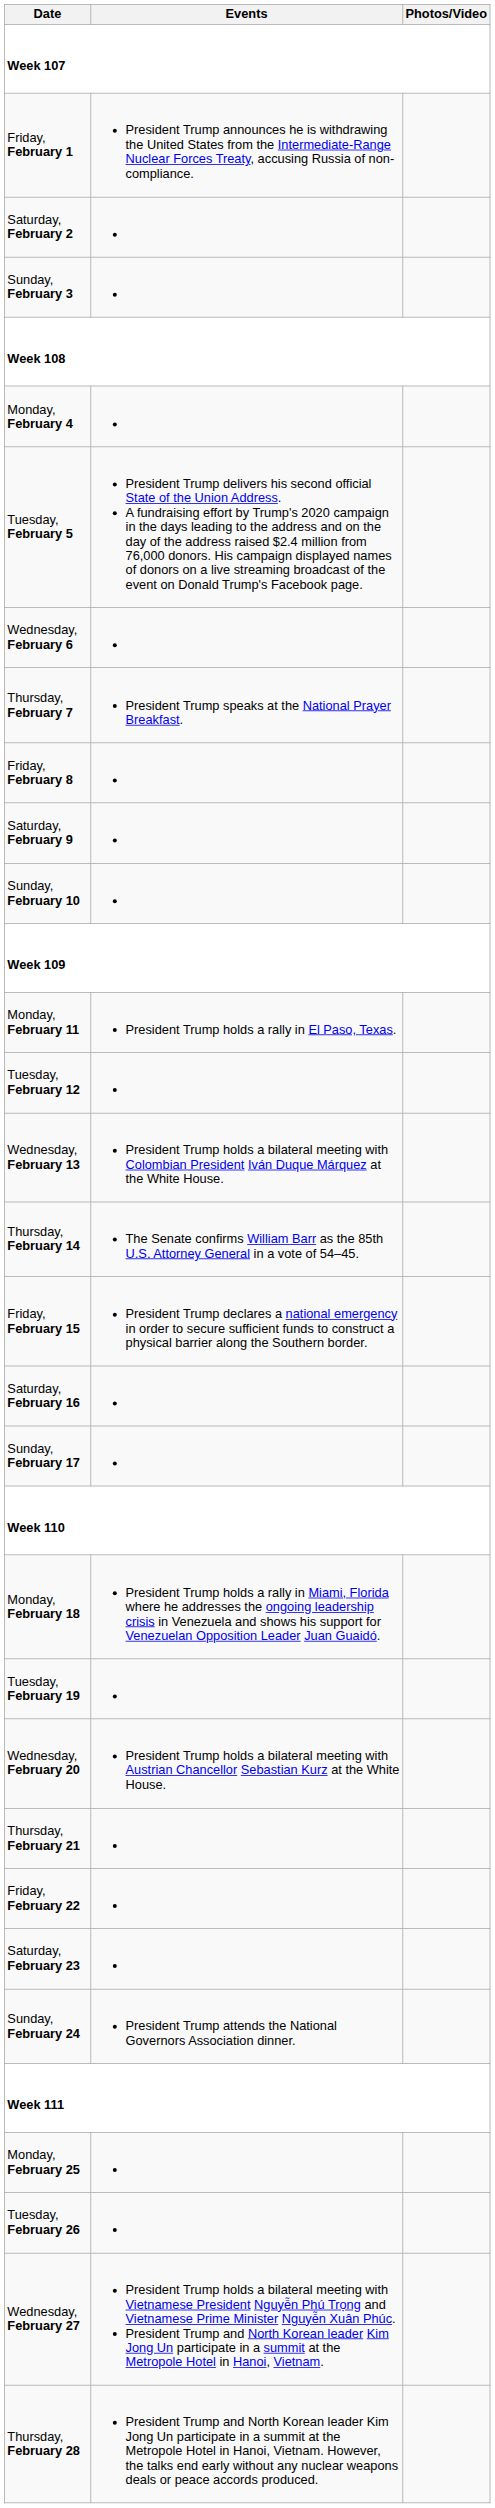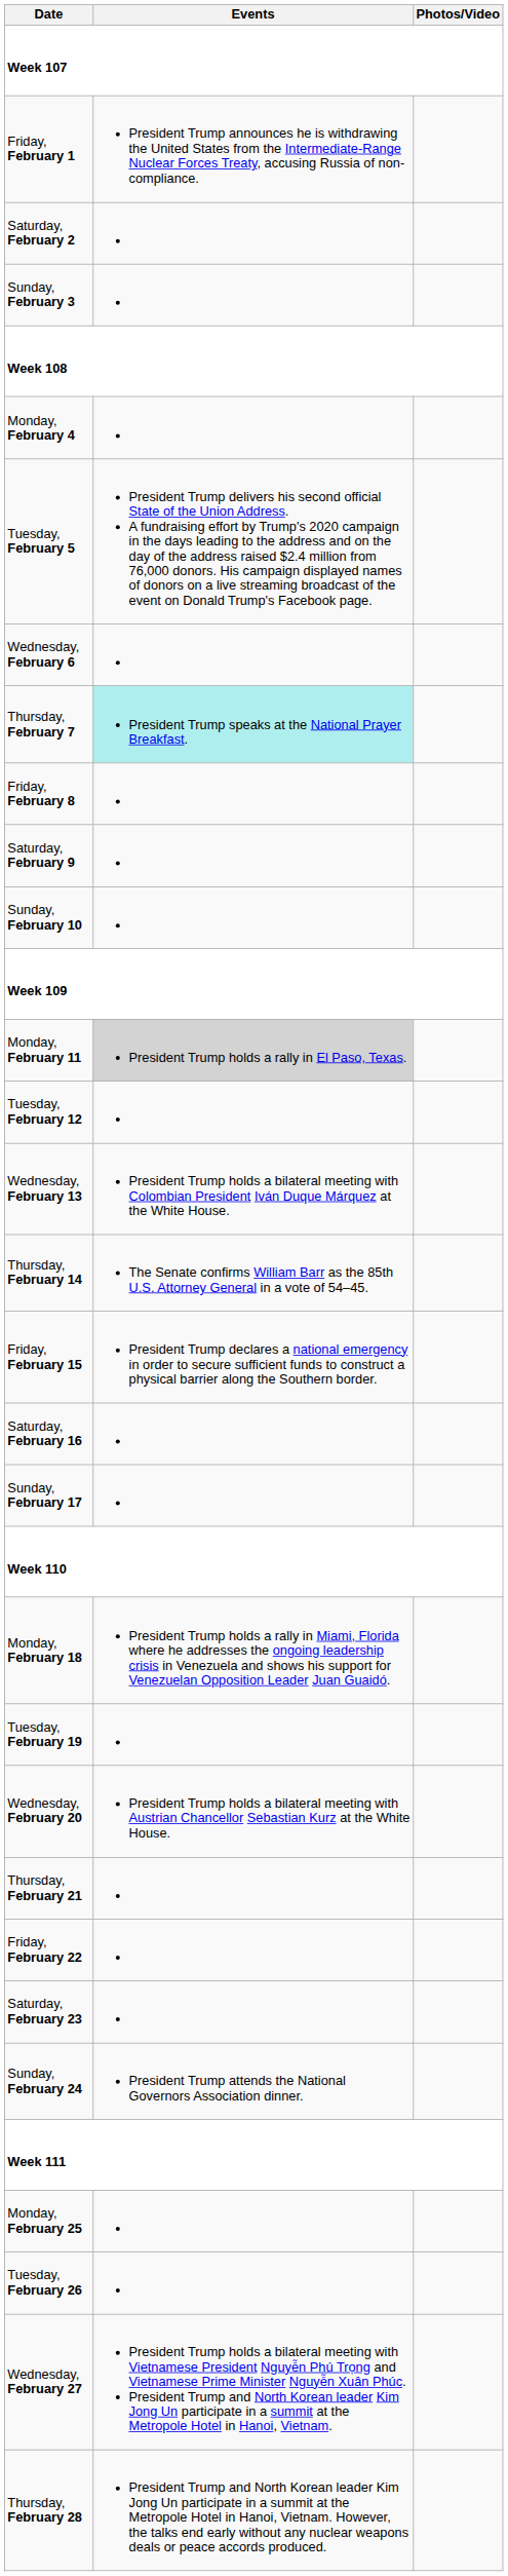 <table class="wikitable">
 <tr>
 <th>Date</th>
 <th>Events</th>
 <th>Photos/Video</th>
 </tr>
 <tr style="background:white;">
 <td colspan="3"><br><h4>Week 107</h4></td>
 </tr>
 <tr>
 <td>Friday, <strong>February 1</strong></td>
 <td><br><ul><li>President Trump announces he is withdrawing the United States from the <a href='#'>Intermediate-Range Nuclear Forces Treaty</a>, accusing Russia of non-compliance.</li></ul></td>
 <td></td>
 </tr>
 <tr>
 <td>Saturday, <strong>February 2</strong></td>
 <td><br><ul><li></li></ul></td>
 <td></td>
 </tr>
 <tr>
 <td>Sunday, <strong>February 3</strong></td>
 <td><br><ul><li></li></ul></td>
 <td></td>
 </tr>
 <tr style="background:white;">
 <td colspan="3"><br><h4>Week 108</h4></td>
 </tr>
 <tr>
 <td>Monday, <strong>February 4</strong></td>
 <td><br><ul><li></li></ul></td>
 <td></td>
 </tr>
 <tr>
 <td>Tuesday, <strong>February 5</strong></td>
 <td><br><ul><li>President Trump delivers his second official <a href='#'>State of the Union Address</a>.</li><li>A fundraising effort by Trump's 2020 campaign in the days leading to the address and on the day of the address raised $2.4 million from 76,000 donors. His campaign displayed names of donors on a live streaming broadcast of the event on Donald Trump's Facebook page.</li></ul></td>
 <td></td>
 </tr>
 <tr>
 <td>Wednesday, <strong>February 6</strong></td>
 <td><br><ul><li></li></ul></td>
 <td></td>
 </tr>
 <tr>
 <td>Thursday, <strong>February 7</strong></td>
-<td><br><ul><li>President Trump speaks at the <a href='#'>National Prayer Breakfast</a>.</li></ul></td>
+<td style="background: paleturquoise;"><br><ul><li>President Trump speaks at the <a href='#'>National Prayer Breakfast</a>.</li></ul></td>
 <td></td>
 </tr>
 <tr>
 <td>Friday, <strong>February 8</strong></td>
 <td><br><ul><li></li></ul></td>
 <td></td>
 </tr>
 <tr>
 <td>Saturday, <strong>February 9</strong></td>
 <td><br><ul><li></li></ul></td>
 <td></td>
 </tr>
 <tr>
 <td>Sunday, <strong>February 10</strong></td>
 <td><br><ul><li></li></ul></td>
 <td></td>
 </tr>
 <tr style="background:white;">
 <td colspan="3"><br><h4>Week 109</h4></td>
 </tr>
 <tr>
 <td>Monday, <strong>February 11</strong></td>
-<td><br><ul><li>President Trump holds a rally in <a href='#'>El Paso, Texas</a>.</li></ul></td>
+<td style="background: lightgrey;"><br><ul><li>President Trump holds a rally in <a href='#'>El Paso, Texas</a>.</li></ul></td>
 <td></td>
 </tr>
 <tr>
 <td>Tuesday, <strong>February 12</strong></td>
 <td><br><ul><li></li></ul></td>
 <td></td>
 </tr>
 <tr>
 <td>Wednesday, <strong>February 13</strong></td>
 <td><br><ul><li>President Trump holds a bilateral meeting with <a href='#'>Colombian President</a> <a href='#'>Iván Duque Márquez</a> at the White House.</li></ul></td>
 <td></td>
 </tr>
 <tr>
 <td>Thursday, <strong>February 14</strong></td>
 <td><br><ul><li>The Senate confirms <a href='#'>William Barr</a> as the 85th <a href='#'>U.S. Attorney General</a> in a vote of 54–45.</li></ul></td>
 <td></td>
 </tr>
 <tr>
 <td>Friday, <strong>February 15</strong></td>
 <td><br><ul><li>President Trump declares a <a href='#'>national emergency</a> in order to secure sufficient funds to construct a physical barrier along the Southern border.</li></ul></td>
 <td></td>
 </tr>
 <tr>
 <td>Saturday, <strong>February 16</strong></td>
 <td><br><ul><li></li></ul></td>
 <td></td>
 </tr>
 <tr>
 <td>Sunday, <strong>February 17</strong></td>
 <td><br><ul><li></li></ul></td>
 <td></td>
 </tr>
 <tr style="background:white;">
 <td colspan="3"><br><h4>Week 110</h4></td>
 </tr>
 <tr>
 <td>Monday, <strong>February 18</strong></td>
 <td><br><ul><li>President Trump holds a rally in <a href='#'>Miami, Florida</a> where he addresses the <a href='#'>ongoing leadership crisis</a> in Venezuela and shows his support for <a href='#'>Venezuelan Opposition Leader</a> <a href='#'>Juan Guaidó</a>.</li></ul></td>
 <td></td>
 </tr>
 <tr>
 <td>Tuesday, <strong>February 19</strong></td>
 <td><br><ul><li></li></ul></td>
 <td></td>
 </tr>
 <tr>
 <td>Wednesday, <strong>February 20</strong></td>
 <td><br><ul><li>President Trump holds a bilateral meeting with <a href='#'>Austrian Chancellor</a> <a href='#'>Sebastian Kurz</a> at the White House.</li></ul></td>
 <td></td>
 </tr>
 <tr>
 <td>Thursday, <strong>February 21</strong></td>
 <td><br><ul><li></li></ul></td>
 <td></td>
 </tr>
 <tr>
 <td>Friday, <strong>February 22</strong></td>
 <td><br><ul><li></li></ul></td>
 <td></td>
 </tr>
 <tr>
 <td>Saturday, <strong>February 23</strong></td>
 <td><br><ul><li></li></ul></td>
 <td></td>
 </tr>
 <tr>
 <td>Sunday, <strong>February 24</strong></td>
 <td><br><ul><li>President Trump attends the National Governors Association dinner.</li></ul></td>
 <td></td>
 </tr>
 <tr style="background:white;">
 <td colspan="3"><br><h4>Week 111</h4></td>
 </tr>
 <tr>
 <td>Monday, <strong>February 25</strong></td>
 <td><br><ul><li></li></ul></td>
 <td></td>
 </tr>
 <tr>
 <td>Tuesday, <strong>February 26</strong></td>
 <td><br><ul><li></li></ul></td>
 <td></td>
 </tr>
 <tr>
 <td>Wednesday, <strong>February 27</strong></td>
 <td><br><ul><li>President Trump holds a bilateral meeting with <a href='#'>Vietnamese President</a> <a href='#'>Nguyễn Phú Trọng</a> and <a href='#'>Vietnamese Prime Minister</a> <a href='#'>Nguyễn Xuân Phúc</a>.</li><li>President Trump and <a href='#'>North Korean leader</a> <a href='#'>Kim Jong Un</a> participate in a <a href='#'>summit</a> at the <a href='#'>Metropole Hotel</a> in <a href='#'>Hanoi</a>, <a href='#'>Vietnam</a>.</li></ul></td>
 <td></td>
 </tr>
 <tr>
 <td>Thursday, <strong>February 28</strong></td>
 <td><br><ul><li>President Trump and North Korean leader Kim Jong Un participate in a summit at the Metropole Hotel in Hanoi, Vietnam. However, the talks end early without any nuclear weapons deals or peace accords produced.</li></ul></td>
 <td></td>
 </tr>
 </table>
